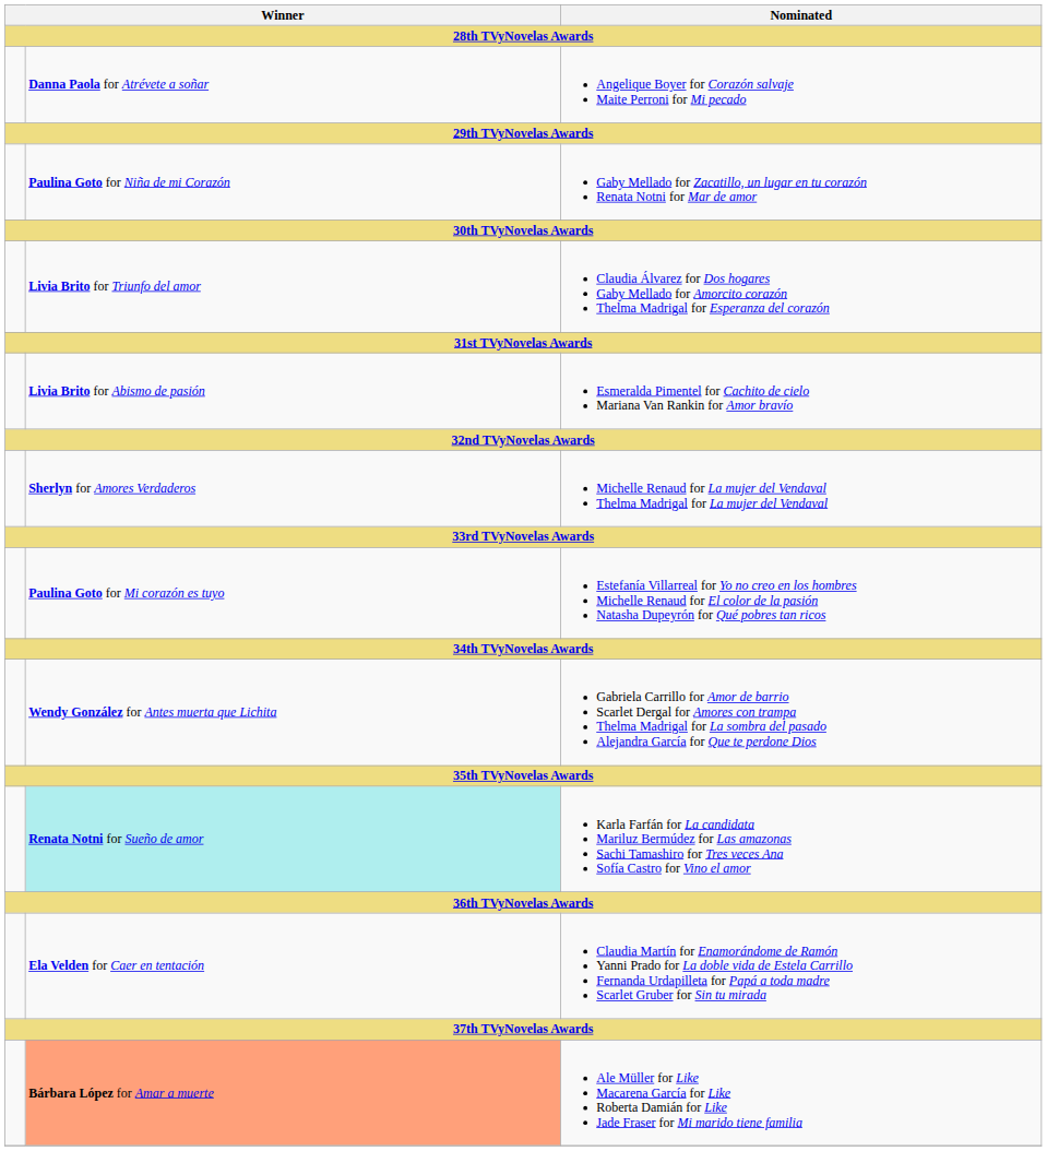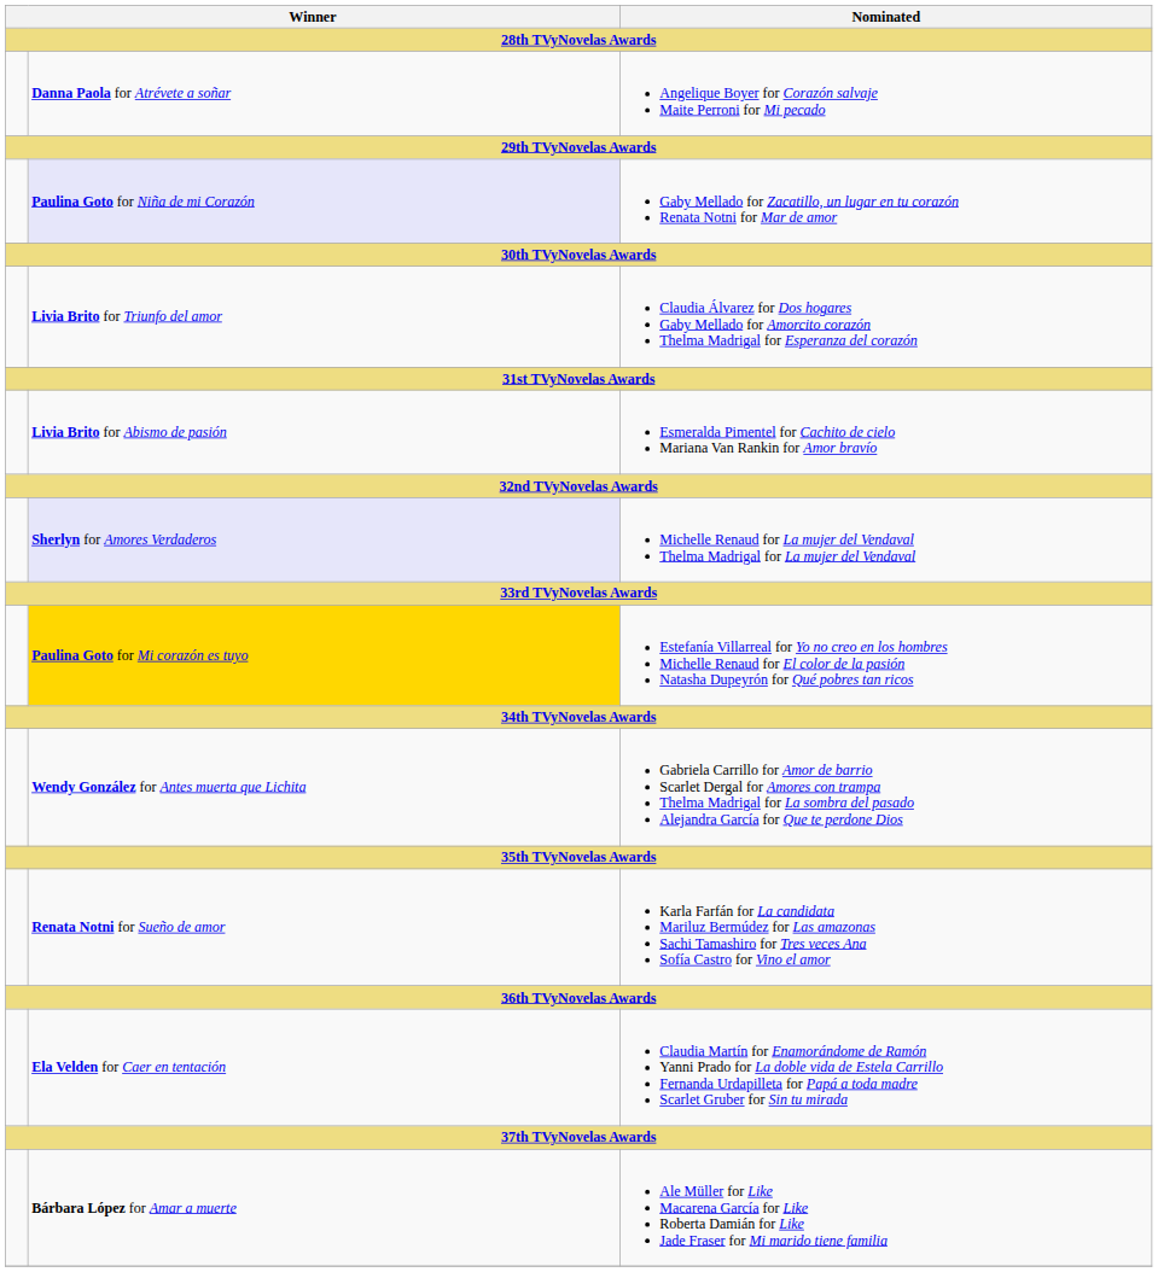 <table class="wikitable" width=80%>
 <tr align=center>
 <th width="150px;" colspan=2; align="center">Winner</th>
 <th width="580px;" align="center">Nominated</th>
 </tr>
 <tr>
 <th colspan=9 style="background:#EEDD82;"  align="center"><strong><a href='#'>28th TVyNovelas Awards</a></strong></th>
 </tr>
 <tr>
 <td width=2%></td>
 <td><strong><a href='#'>Danna Paola</a></strong> for <em><a href='#'>Atrévete a soñar</a></em></td>
 <td><br><ul><li><a href='#'>Angelique Boyer</a> for <em><a href='#'>Corazón salvaje</a></em></li><li><a href='#'>Maite Perroni</a> for <em><a href='#'>Mi pecado</a></em></li></ul></td>
 </tr>
 <tr>
 <th colspan=9 style="background:#EEDD82;"  align="center"><strong><a href='#'>29th TVyNovelas Awards</a></strong></th>
 </tr>
 <tr>
 <td width=2%></td>
-<td><strong><a href='#'>Paulina Goto</a></strong> for <em><a href='#'>Niña de mi Corazón</a></em></td>
+<td style="background: lavender;"><strong><a href='#'>Paulina Goto</a></strong> for <em><a href='#'>Niña de mi Corazón</a></em></td>
 <td><br><ul><li><a href='#'>Gaby Mellado</a> for <em><a href='#'>Zacatillo, un lugar en tu corazón</a></em></li><li><a href='#'>Renata Notni</a> for <em><a href='#'>Mar de amor</a></em></li></ul></td>
 </tr>
 <tr>
 <th colspan=9 style="background:#EEDD82;"  align="center"><strong><a href='#'>30th TVyNovelas Awards</a></strong></th>
 </tr>
 <tr>
 <td width=2%></td>
 <td><strong><a href='#'>Livia Brito</a></strong> for <em><a href='#'>Triunfo del amor</a></em></td>
 <td><br><ul><li><a href='#'>Claudia Álvarez</a> for <em><a href='#'>Dos hogares</a></em></li><li><a href='#'>Gaby Mellado</a> for <em><a href='#'>Amorcito corazón</a></em></li><li><a href='#'>Thelma Madrigal</a> for <em><a href='#'>Esperanza del corazón</a></em></li></ul></td>
 </tr>
 <tr>
 <th colspan=9 style="background:#EEDD82;"  align="center"><strong><a href='#'>31st TVyNovelas Awards</a></strong></th>
 </tr>
 <tr>
 <td width=2%></td>
 <td><strong><a href='#'>Livia Brito</a></strong> for <em><a href='#'>Abismo de pasión</a></em></td>
 <td><br><ul><li><a href='#'>Esmeralda Pimentel</a> for <em><a href='#'>Cachito de cielo</a></em></li><li>Mariana Van Rankin for <em><a href='#'>Amor bravío</a></em></li></ul></td>
 </tr>
 <tr>
 <th colspan=9 style="background:#EEDD82;"  align="center"><strong><a href='#'>32nd TVyNovelas Awards</a></strong></th>
 </tr>
 <tr>
 <td width=2%></td>
-<td><strong><a href='#'>Sherlyn</a></strong> for <em><a href='#'>Amores Verdaderos</a></em></td>
+<td style="background: lavender;"><strong><a href='#'>Sherlyn</a></strong> for <em><a href='#'>Amores Verdaderos</a></em></td>
 <td><br><ul><li><a href='#'>Michelle Renaud</a> for <em><a href='#'>La mujer del Vendaval</a></em></li><li><a href='#'>Thelma Madrigal</a> for <em><a href='#'>La mujer del Vendaval</a></em></li></ul></td>
 </tr>
 <tr>
 <th colspan=9 style="background:#EEDD82;"  align="center"><strong><a href='#'>33rd TVyNovelas Awards</a></strong></th>
 </tr>
 <tr>
 <td width=2%></td>
-<td><strong><a href='#'>Paulina Goto</a></strong> for <em><a href='#'>Mi corazón es tuyo</a></em></td>
+<td style="background: gold;"><strong><a href='#'>Paulina Goto</a></strong> for <em><a href='#'>Mi corazón es tuyo</a></em></td>
 <td><br><ul><li><a href='#'>Estefanía Villarreal</a> for <em><a href='#'>Yo no creo en los hombres</a></em></li><li><a href='#'>Michelle Renaud</a> for <em><a href='#'>El color de la pasión</a></em></li><li><a href='#'>Natasha Dupeyrón</a> for <em><a href='#'>Qué pobres tan ricos</a></em></li></ul></td>
 </tr>
 <tr>
 <th colspan=9 style="background:#EEDD82;"  align="center"><strong><a href='#'>34th TVyNovelas Awards</a></strong></th>
 </tr>
 <tr>
 <td width=2%></td>
 <td><strong><a href='#'>Wendy González</a></strong> for <em><a href='#'>Antes muerta que Lichita</a></em></td>
 <td><br><ul><li>Gabriela Carrillo for <em><a href='#'>Amor de barrio</a></em></li><li>Scarlet Dergal for <em><a href='#'>Amores con trampa</a></em></li><li><a href='#'>Thelma Madrigal</a> for <em><a href='#'>La sombra del pasado</a></em></li><li><a href='#'>Alejandra García</a> for <em><a href='#'>Que te perdone Dios</a></em></li></ul></td>
 </tr>
 <tr>
 <th colspan=9 style="background:#EEDD82;"  align="center"><strong><a href='#'>35th TVyNovelas Awards</a></strong></th>
 </tr>
 <tr>
 <td width=2%></td>
-<td style="background: paleturquoise;"><strong><a href='#'>Renata Notni</a></strong> for <em><a href='#'>Sueño de amor</a></em></td>
+<td><strong><a href='#'>Renata Notni</a></strong> for <em><a href='#'>Sueño de amor</a></em></td>
 <td><br><ul><li>Karla Farfán for <em><a href='#'>La candidata</a></em></li><li><a href='#'>Mariluz Bermúdez</a> for <em><a href='#'>Las amazonas</a></em></li><li><a href='#'>Sachi Tamashiro</a> for <em><a href='#'>Tres veces Ana</a></em></li><li><a href='#'>Sofía Castro</a> for <em><a href='#'>Vino el amor</a></em></li></ul></td>
 </tr>
 <tr>
 <th colspan=9 style="background:#EEDD82;"  align="center"><strong><a href='#'>36th TVyNovelas Awards</a></strong></th>
 </tr>
 <tr>
 <td width=2%></td>
 <td><strong><a href='#'>Ela Velden</a></strong> for <em><a href='#'>Caer en tentación</a></em></td>
 <td><br><ul><li><a href='#'>Claudia Martín</a> for <em><a href='#'>Enamorándome de Ramón</a></em></li><li>Yanni Prado for <em><a href='#'>La doble vida de Estela Carrillo</a></em></li><li><a href='#'>Fernanda Urdapilleta</a> for <em><a href='#'>Papá a toda madre</a></em></li><li><a href='#'>Scarlet Gruber</a> for <em><a href='#'>Sin tu mirada</a></em></li></ul></td>
 </tr>
 <tr>
 <th colspan=9 style="background:#EEDD82;"  align="center"><strong><a href='#'>37th TVyNovelas Awards</a></strong></th>
 </tr>
 <tr>
 <td width=2%></td>
-<td style="background: lightsalmon;"><strong>Bárbara López</strong> for <em><a href='#'>Amar a muerte</a></em></td>
+<td><strong>Bárbara López</strong> for <em><a href='#'>Amar a muerte</a></em></td>
 <td><br><ul><li><a href='#'>Ale Müller</a> for <em><a href='#'>Like</a></em></li><li><a href='#'>Macarena García</a> for <em><a href='#'>Like</a></em></li><li>Roberta Damián for <em><a href='#'>Like</a></em></li><li><a href='#'>Jade Fraser</a> for <em><a href='#'>Mi marido tiene familia</a></em></li></ul></td>
 </tr>
 <tr>
 </tr>
 </table>
